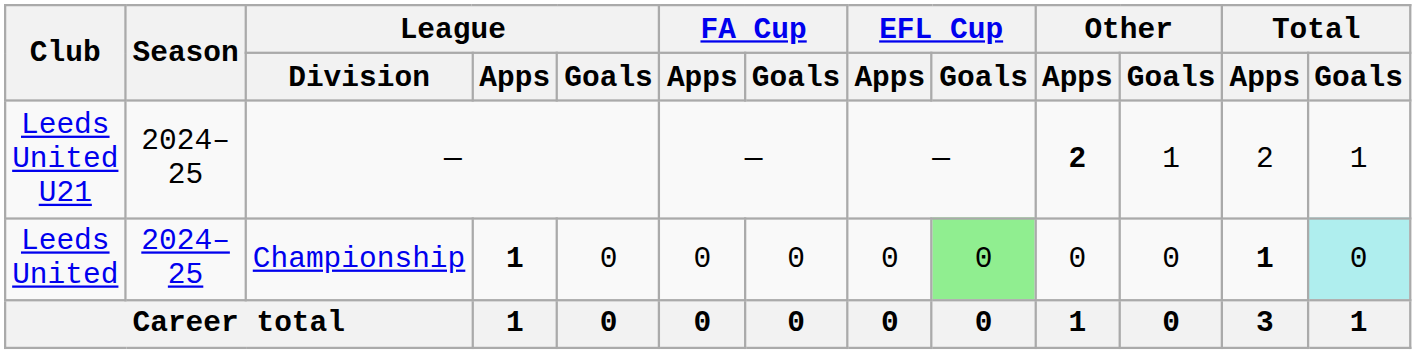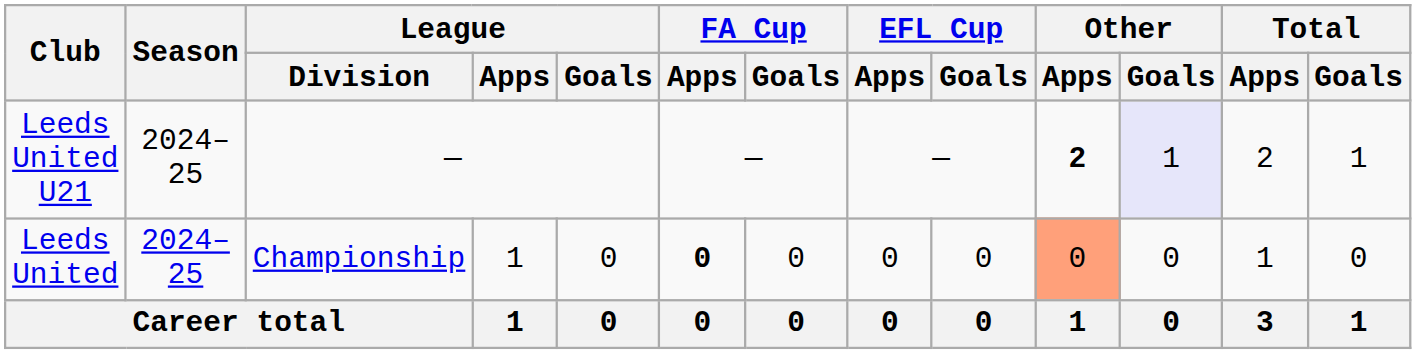 <table class="wikitable" style="text-align: center;">
 <tr>
 <th rowspan="2">Club</th>
 <th rowspan="2">Season</th>
 <th colspan="3">League</th>
 <th colspan="2"><a href='#'>FA Cup</a></th>
 <th colspan="2"><a href='#'>EFL Cup</a></th>
 <th colspan="2">Other</th>
 <th colspan="2">Total</th>
 </tr>
 <tr>
 <th>Division</th>
 <th>Apps</th>
 <th>Goals</th>
 <th>Apps</th>
 <th>Goals</th>
 <th>Apps</th>
 <th>Goals</th>
 <th>Apps</th>
 <th>Goals</th>
 <th>Apps</th>
 <th>Goals</th>
 </tr>
 <tr>
 <td><a href='#'>Leeds United U21</a></td>
 <td>2024–25</td>
 <td colspan="3">—</td>
 <td colspan="2">—</td>
 <td colspan="2">—</td>
 <td><strong>2</strong></td>
-<td>1</td>
+<td style="background: lavender;">1</td>
 <td>2</td>
 <td>1</td>
 </tr>
 <tr>
 <td><a href='#'>Leeds United</a></td>
 <td><a href='#'>2024–25</a></td>
 <td><a href='#'>Championship</a></td>
-<td><strong>1</strong></td>
+<td>1</td>
+<td>0</td>
+<td><strong>0</strong></td>
 <td>0</td>
 <td>0</td>
 <td>0</td>
+<td 0 style="background: lightsalmon;">0</td>
 <td>0</td>
-<td style="background: lightgreen;">0</td>
-<td 0>0</td>
+<td>1</td>
 <td>0</td>
-<td><strong>1</strong></td>
-<td style="background: paleturquoise;">0</td>
 </tr>
 <tr>
 <th colspan="3">Career total</th>
 <th>1</th>
 <th>0</th>
 <th>0</th>
 <th>0</th>
 <th>0</th>
 <th>0</th>
 <th>1</th>
 <th>0</th>
 <th>3</th>
 <th>1</th>
 </tr>
 </table>
